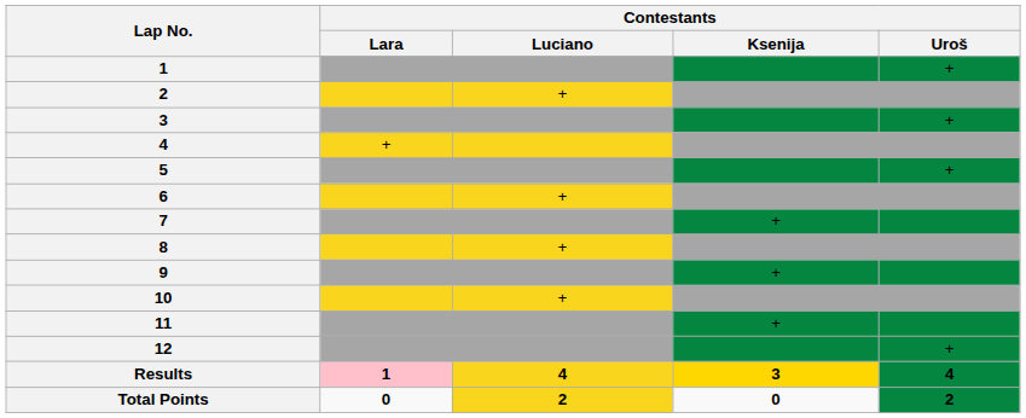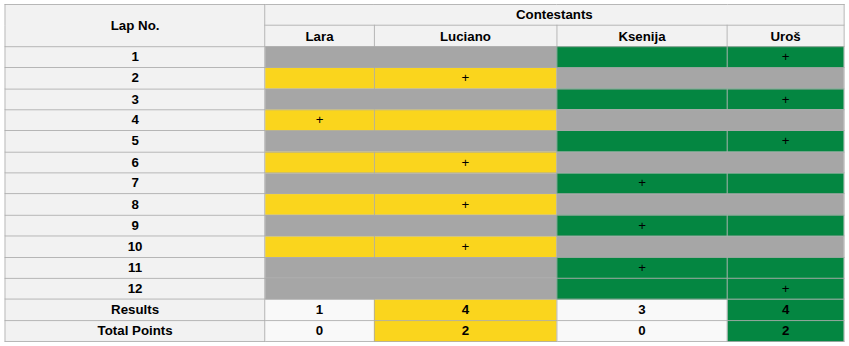 <table class="wikitable" style="margin:auto; text-align:center; width:80%">
 <tr>
 <th rowspan="2">Lap No.</th>
 <th colspan="4">Contestants</th>
 </tr>
 <tr>
 <th>Lara</th>
 <th>Luciano</th>
 <th>Ksenija</th>
 <th>Uroš</th>
 </tr>
 <tr>
 <th>1</th>
 <td colspan="2" style="background-color: rgb(166, 166, 166) "></td>
 <td align="center" bgcolor="#048641"><span></span></td>
 <td align="center" bgcolor="#048641"><span>+</span></td>
 </tr>
 <tr>
 <th>2</th>
 <td align="center" bgcolor="#FAD51D"></td>
 <td align="center" bgcolor="#FAD51D">+</td>
 <td colspan="2" style="background-color: rgb(166, 166, 166) "></td>
 </tr>
 <tr>
 <th>3</th>
 <td colspan="2" style="background-color: rgb(166, 166, 166) "></td>
 <td align="center" bgcolor="#048641"><span></span></td>
 <td align="center" bgcolor="#048641"><span>+</span></td>
 </tr>
 <tr>
 <th>4</th>
 <td align="center" bgcolor="#FAD51D">+</td>
 <td align="center" bgcolor="#FAD51D"></td>
 <td colspan="2" style="background-color: rgb(166, 166, 166) "></td>
 </tr>
 <tr>
 <th>5</th>
 <td colspan="2" style="background-color: rgb(166, 166, 166) "></td>
 <td align="center" bgcolor="#048641"><span></span></td>
 <td align="center" bgcolor="#048641"><span>+</span></td>
 </tr>
 <tr>
 <th>6</th>
 <td align="center" bgcolor="#FAD51D"></td>
 <td align="center" bgcolor="#FAD51D">+</td>
 <td colspan="2" style="background-color: rgb(166, 166, 166) "></td>
 </tr>
 <tr>
 <th>7</th>
 <td colspan="2" style="background-color: rgb(166, 166, 166) "></td>
 <td align="center" bgcolor="#048641"><span>+</span></td>
 <td align="center" bgcolor="#048641"><span></span></td>
 </tr>
 <tr>
 <th>8</th>
 <td align="center" bgcolor="#FAD51D"></td>
 <td align="center" bgcolor="#FAD51D">+</td>
 <td colspan="2" style="background-color: rgb(166, 166, 166) "></td>
 </tr>
 <tr>
 <th>9</th>
 <td colspan="2" style="background-color: rgb(166, 166, 166) "></td>
 <td align="center" bgcolor="#048641"><span>+</span></td>
 <td align="center" bgcolor="#048641"><span></span></td>
 </tr>
 <tr>
 <th>10</th>
 <td align="center" bgcolor="#FAD51D"></td>
 <td align="center" bgcolor="#FAD51D">+</td>
 <td colspan="2" style="background-color: rgb(166, 166, 166) "></td>
 </tr>
 <tr>
 <th>11</th>
 <td colspan="2" style="background-color: rgb(166, 166, 166) "></td>
 <td align="center" bgcolor="#048641"><span>+</span></td>
 <td align="center" bgcolor="#048641"><span></span></td>
 </tr>
 <tr>
 <th>12</th>
 <td colspan="2" style="background-color: rgb(166, 166, 166) "></td>
 <td align="center" bgcolor="#048641"><span></span></td>
 <td align="center" bgcolor="#048641"><span>+</span></td>
 </tr>
 <tr>
 <th>Results</th>
-<td align="center" style="background: pink;"><strong>1</strong></td>
+<td align="center"><strong>1</strong></td>
 <td align="center" bgcolor="#FAD51D"><strong>4</strong></td>
-<td align="center" style="background: gold;"><strong>3</strong></td>
+<td align="center"><strong>3</strong></td>
 <td align="center" bgcolor="#048641"><span><strong>4</strong></span></td>
 </tr>
 <tr>
 <th>Total Points</th>
 <td align="center"><strong>0</strong></td>
 <td align="center" bgcolor="#FAD51D"><strong>2</strong></td>
 <td align="center"><strong>0</strong></td>
 <td align="center" bgcolor="#048641"><span><strong>2</strong></span></td>
 </tr>
 </table>
